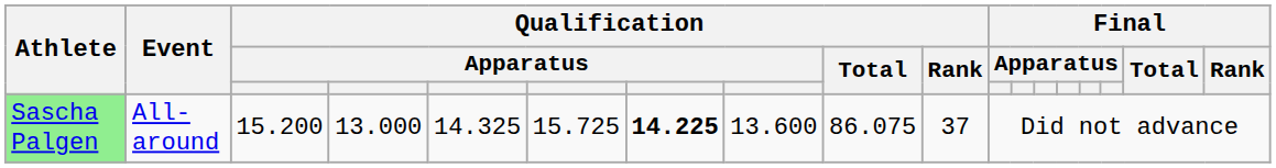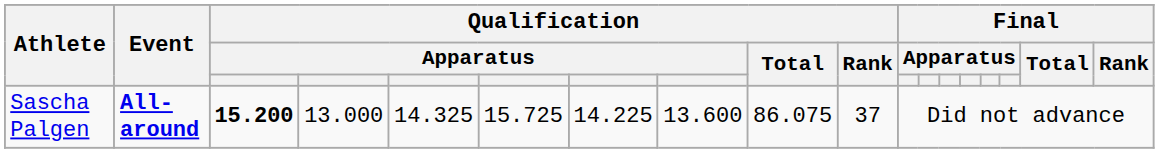 <table class="wikitable" style="font-size:90%">
 <tr>
 <th rowspan=3>Athlete</th>
 <th rowspan=3>Event</th>
 <th colspan =8>Qualification</th>
 <th colspan =8>Final</th>
 </tr>
 <tr style="font-size:95%">
 <th colspan=6>Apparatus</th>
 <th rowspan=2>Total</th>
 <th rowspan=2>Rank</th>
 <th colspan=6>Apparatus</th>
 <th rowspan=2>Total</th>
 <th rowspan=2>Rank</th>
 </tr>
 <tr style="font-size:95%">
 <th></th>
 <th></th>
 <th></th>
 <th></th>
 <th></th>
 <th></th>
 <th></th>
 <th></th>
 <th></th>
 <th></th>
 <th></th>
 <th></th>
 </tr>
 <tr align=center>
-<td align=left style="background: lightgreen;"><a href='#'>Sascha Palgen</a></td>
-<td align=left><a href='#'>All-around</a></td>
-<td>15.200</td>
+<td align=left><a href='#'>Sascha Palgen</a></td>
+<td align=left><strong><a href='#'>All-around</a></strong></td>
+<td><strong>15.200</strong></td>
 <td>13.000</td>
 <td>14.325</td>
 <td>15.725</td>
-<td><strong>14.225</strong></td>
+<td>14.225</td>
 <td>13.600</td>
 <td>86.075</td>
 <td>37</td>
 <td colspan=8>Did not advance</td>
 </tr>
 </table>
